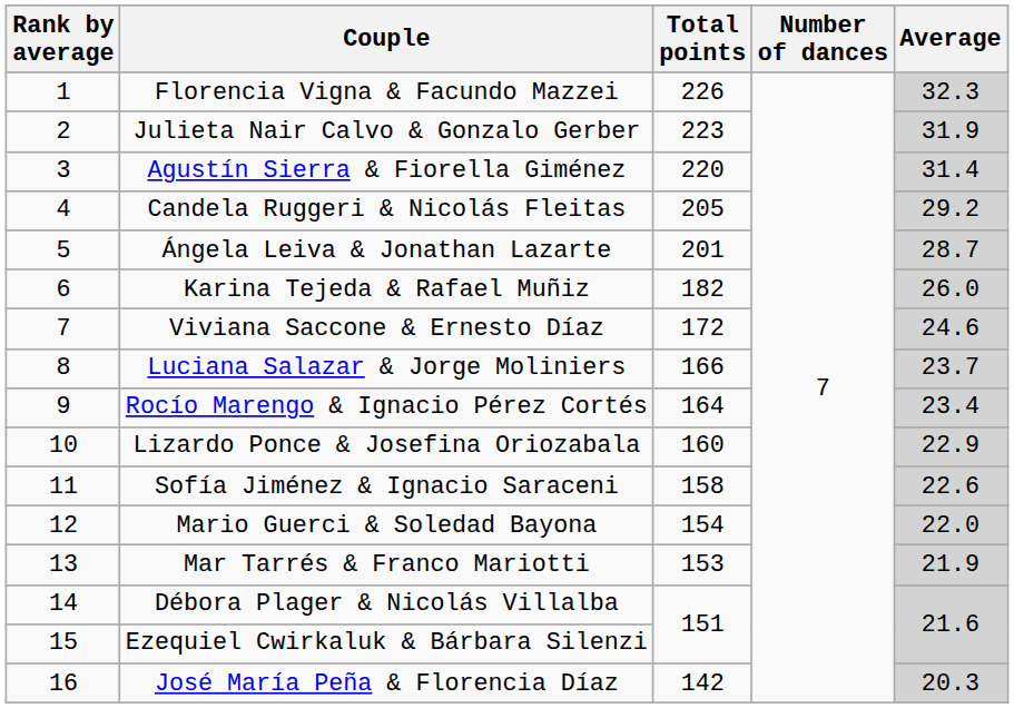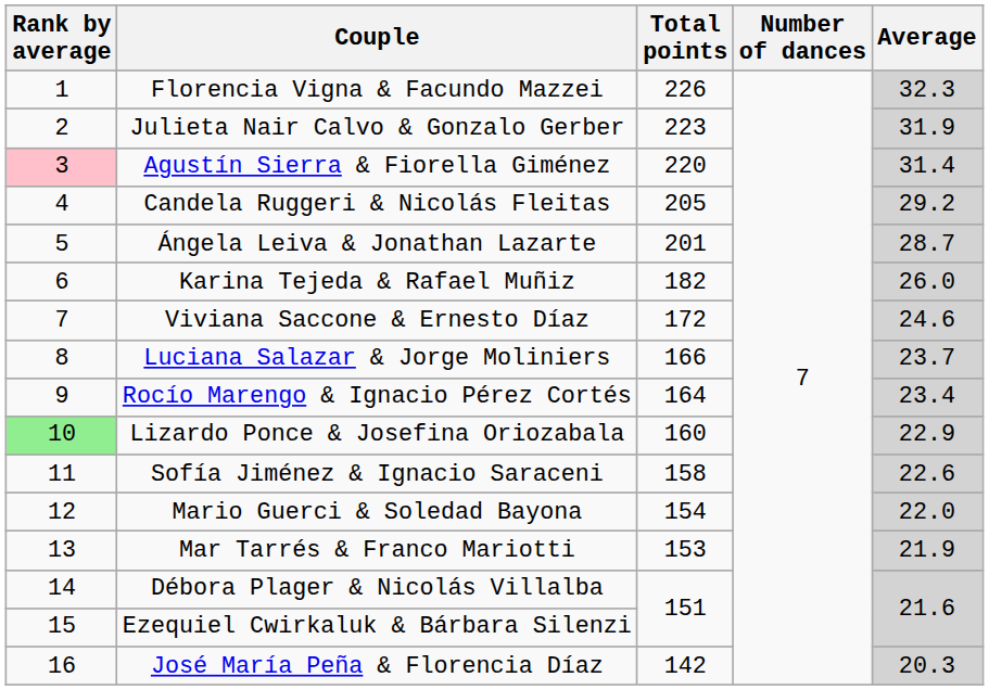 <table class="wikitable sortable" style="margin:auto; text-align:center">
 <tr>
 <th>Rank by<br>average</th>
 <th>Couple</th>
 <th>Total<br>points</th>
 <th>Number<br>of dances</th>
 <th>Average</th>
 </tr>
 <tr>
 <td>1</td>
 <td>Florencia Vigna & Facundo Mazzei</td>
 <td>226</td>
 <td rowspan="16">7</td>
 <td bgcolor="lightgrey">32.3</td>
 </tr>
 <tr>
 <td>2</td>
 <td>Julieta Nair Calvo & Gonzalo Gerber</td>
 <td>223</td>
 <td bgcolor="lightgrey">31.9</td>
 </tr>
 <tr>
-<td>3</td>
+<td style="background: pink;">3</td>
 <td><a href='#'>Agustín Sierra</a> & Fiorella Giménez</td>
 <td>220</td>
 <td bgcolor="lightgrey">31.4</td>
 </tr>
 <tr>
 <td>4</td>
 <td>Candela Ruggeri & Nicolás Fleitas</td>
 <td>205</td>
 <td bgcolor="lightgrey">29.2</td>
 </tr>
 <tr>
 <td>5</td>
 <td>Ángela Leiva & Jonathan Lazarte</td>
 <td>201</td>
 <td bgcolor="lightgrey">28.7</td>
 </tr>
 <tr>
 <td>6</td>
 <td>Karina Tejeda & Rafael Muñiz</td>
 <td>182</td>
 <td bgcolor="lightgrey">26.0</td>
 </tr>
 <tr>
 <td>7</td>
 <td>Viviana Saccone & Ernesto Díaz</td>
 <td>172</td>
 <td bgcolor="lightgrey">24.6</td>
 </tr>
 <tr>
 <td>8</td>
 <td><a href='#'>Luciana Salazar</a> & Jorge Moliniers</td>
 <td>166</td>
 <td bgcolor="lightgrey">23.7</td>
 </tr>
 <tr>
 <td>9</td>
 <td><a href='#'>Rocío Marengo</a> & Ignacio Pérez Cortés</td>
 <td>164</td>
 <td bgcolor="lightgrey">23.4</td>
 </tr>
 <tr>
-<td>10</td>
+<td style="background: lightgreen;">10</td>
 <td>Lizardo Ponce & Josefina Oriozabala</td>
 <td>160</td>
 <td bgcolor="lightgrey">22.9</td>
 </tr>
 <tr>
 <td>11</td>
 <td>Sofía Jiménez & Ignacio Saraceni</td>
 <td>158</td>
 <td bgcolor="lightgrey">22.6</td>
 </tr>
 <tr>
 <td>12</td>
 <td>Mario Guerci & Soledad Bayona</td>
 <td>154</td>
 <td bgcolor="lightgrey">22.0</td>
 </tr>
 <tr>
 <td>13</td>
 <td>Mar Tarrés & Franco Mariotti</td>
 <td>153</td>
 <td bgcolor="lightgrey">21.9</td>
 </tr>
 <tr>
 <td>14</td>
 <td>Débora Plager & Nicolás Villalba</td>
 <td rowspan="2">151</td>
 <td rowspan="2" bgcolor="lightgrey">21.6</td>
 </tr>
 <tr>
 <td>15</td>
 <td>Ezequiel Cwirkaluk & Bárbara Silenzi</td>
 </tr>
 <tr>
 <td>16</td>
 <td><a href='#'>José María Peña</a> & Florencia Díaz</td>
 <td>142</td>
 <td bgcolor="lightgrey">20.3</td>
 </tr>
 </table>
